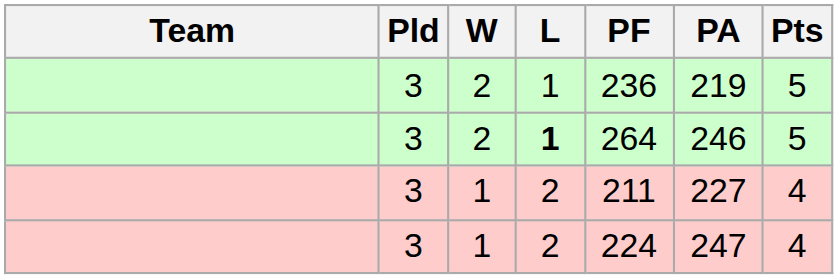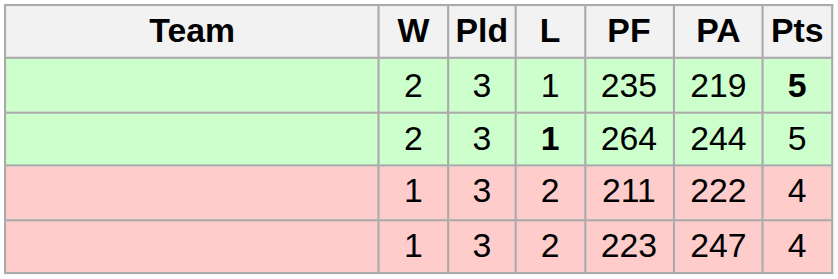 <table class="wikitable" style="text-align:center;">
 <tr>
 <th width=170>Team</th>
+<th width=25>W</th>
 <th width=25>Pld</th>
-<th width=25>W</th>
 <th width=25>L</th>
 <th width=35>PF</th>
 <th width=35>PA</th>
 <th width=25>Pts</th>
 </tr>
 <tr bgcolor=#ccffcc>
 <td align="left"></td>
+<td>2</td>
 <td>3</td>
-<td>2</td>
 <td>1</td>
-<td>236</td>
+<td>235</td>
 <td>219</td>
-<td>5</td>
+<td><strong>5</strong></td>
 </tr>
 <tr bgcolor=#ccffcc>
 <td align="left"></td>
+<td>2</td>
 <td>3</td>
-<td>2</td>
 <td><strong>1</strong></td>
 <td>264</td>
-<td>246</td>
+<td>244</td>
 <td>5</td>
 </tr>
 <tr bgcolor=#ffcccc>
 <td align="left"></td>
+<td>1</td>
 <td>3</td>
-<td>1</td>
 <td>2</td>
 <td>211</td>
-<td>227</td>
+<td>222</td>
 <td>4</td>
 </tr>
 <tr bgcolor=#ffcccc>
 <td align="left"></td>
+<td>1</td>
 <td>3</td>
-<td>1</td>
 <td>2</td>
-<td>224</td>
+<td>223</td>
 <td>247</td>
 <td>4</td>
 </tr>
 </table>
